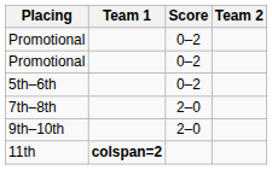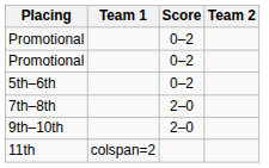 <table class=wikitable style="border:1px solid #AAAAAA;">
 <tr>
 <th>Placing</th>
 <th>Team 1</th>
 <th>Score</th>
 <th>Team 2</th>
 </tr>
 <tr>
 <td>Promotional</td>
 <td></td>
 <td align="center">0–2</td>
 <td><strong></strong></td>
 </tr>
 <tr>
 <td>Promotional</td>
 <td></td>
 <td align="center">0–2</td>
 <td><strong></strong></td>
 </tr>
 <tr>
 <td>5th–6th</td>
 <td></td>
 <td align="center">0–2</td>
 <td><strong></strong></td>
 </tr>
 <tr>
 <td>7th–8th</td>
 <td><strong></strong></td>
 <td align="center">2–0</td>
 <td></td>
 </tr>
 <tr>
 <td>9th–10th</td>
 <td><strong></strong></td>
 <td align="center">2–0</td>
 <td></td>
 </tr>
 <tr>
 <td>11th</td>
-<td><strong>colspan=2 </strong></td>
+<td>colspan=2 </td>
 <td></td>
 </tr>
 </table>
